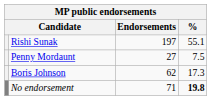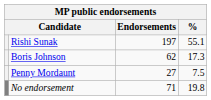 <table class="wikitable" style="font-size:100%">
 <tr>
 <th colspan="4">MP public endorsements</th>
 </tr>
 <tr>
 <th colspan="2" style="width: 170px">Candidate</th>
 <th style="width: 50px">Endorsements</th>
 <th style="width: 40px">%</th>
 </tr>
 <tr>
 <th style="background-color: "></th>
 <td style="width: 170px"><a href='#'>Rishi Sunak</a></td>
 <td align="right">197</td>
 <td align="right">55.1</td>
 </tr>
 <tr>
 <th style="background-color: "></th>
+<td style="width: 170px"><a href='#'>Boris Johnson</a></td>
+<td align="right">62</td>
+<td align="right">17.3</td>
+</tr>
+<tr>
+<th style="background-color: "></th>
 <td style="width: 170px"><a href='#'>Penny Mordaunt</a></td>
 <td align="right">27</td>
 <td align="right">7.5</td>
 </tr>
 <tr>
-<th style="background-color: "></th>
-<td style="width: 170px"><a href='#'>Boris Johnson</a></td>
-<td align="right">62</td>
-<td align="right">17.3</td>
-</tr>
-<tr>
 <th style="background-color: #808080 "></th>
 <td style="width: 170px"><em>No endorsement</em></td>
 <td align="right">71</td>
-<td align="right"><strong>19.8</strong></td>
+<td align="right">19.8</td>
 </tr>
 </table>
